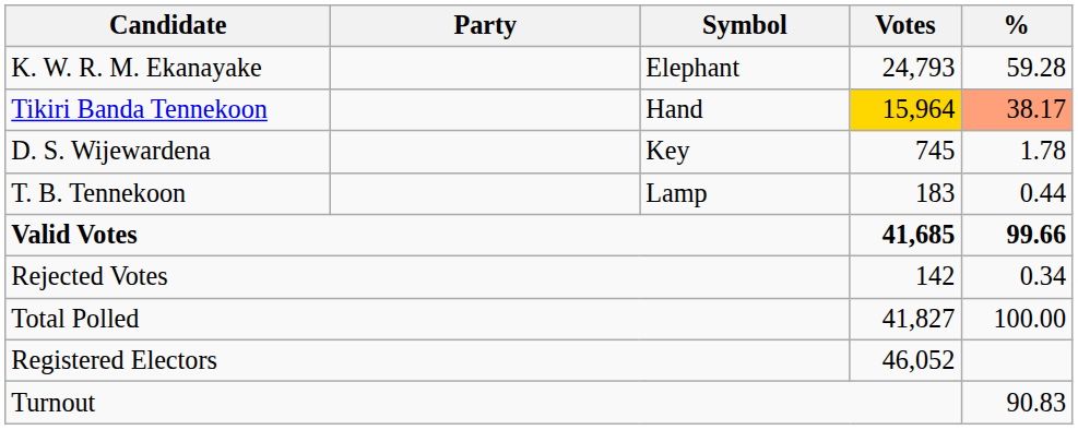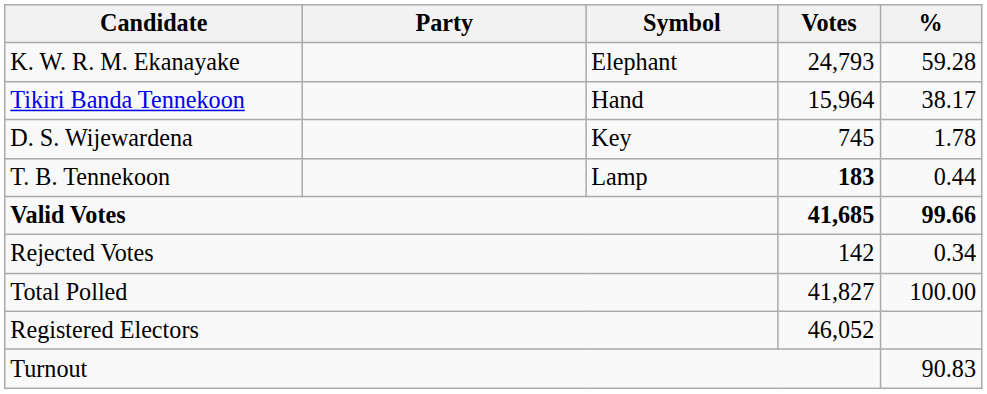 <table class="wikitable" border="1" style="text-align:right;">
 <tr>
 <th align=left width="190">Candidate</th>
 <th align=left width="180">Party</th>
 <th align=left width="120">Symbol</th>
 <th align=left width="60">Votes</th>
 <th align=left width="60">%</th>
 </tr>
 <tr>
 <td align=left>K. W. R. M. Ekanayake</td>
 <td></td>
 <td align=left>Elephant</td>
 <td>24,793</td>
 <td align=right>59.28</td>
 </tr>
 <tr>
 <td align=left><a href='#'>Tikiri Banda Tennekoon</a></td>
 <td></td>
 <td align=left>Hand</td>
-<td align=right style="background: gold;">15,964</td>
-<td align=right style="background: lightsalmon;">38.17</td>
+<td align=right>15,964</td>
+<td align=right>38.17</td>
 </tr>
 <tr>
 <td align=left>D. S. Wijewardena</td>
 <td></td>
 <td align=left>Key</td>
 <td align=right>745</td>
 <td align=right>1.78</td>
 </tr>
 <tr>
 <td align=left>T. B. Tennekoon</td>
 <td></td>
 <td align=left>Lamp</td>
-<td align=right>183</td>
+<td align=right><strong>183</strong></td>
 <td align=right>0.44</td>
 </tr>
 <tr>
 <td align=left colspan=3><strong>Valid Votes</strong></td>
 <td align=right><strong>41,685</strong></td>
 <td align=right><strong>99.66</strong></td>
 </tr>
 <tr>
 <td align=left colspan=3>Rejected Votes</td>
 <td align=right>142</td>
 <td align=right>0.34</td>
 </tr>
 <tr>
 <td align=left colspan=3>Total Polled</td>
 <td align=right>41,827</td>
 <td align=right>100.00</td>
 </tr>
 <tr>
 <td align=left colspan=3>Registered Electors</td>
 <td align=right>46,052</td>
 <td></td>
 </tr>
 <tr>
 <td align=left colspan=4>Turnout</td>
 <td align=right>90.83</td>
 </tr>
 </table>
